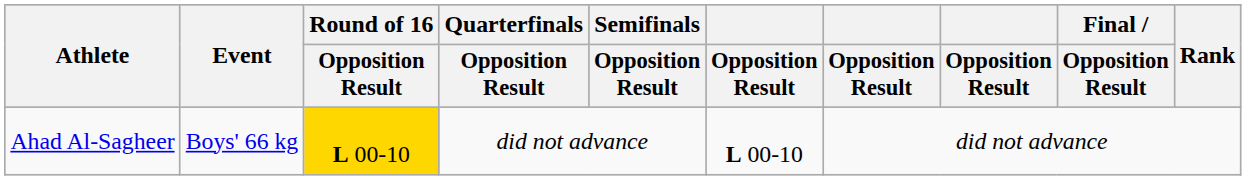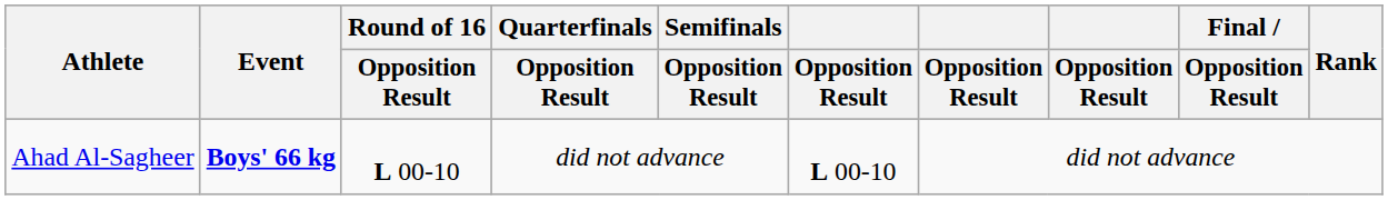 <table class="wikitable" style="font-size:90%">
 <tr>
 <th rowspan="2">Athlete</th>
 <th rowspan="2">Event</th>
 <th>Round of 16</th>
 <th>Quarterfinals</th>
 <th>Semifinals</th>
 <th></th>
 <th></th>
 <th></th>
 <th>Final / </th>
 <th rowspan=2>Rank</th>
 </tr>
 <tr style="font-size:95%">
 <th>Opposition<br>Result</th>
 <th>Opposition<br>Result</th>
 <th>Opposition<br>Result</th>
 <th>Opposition<br>Result</th>
 <th>Opposition<br>Result</th>
 <th>Opposition<br>Result</th>
 <th>Opposition<br>Result</th>
 </tr>
 <tr align=center>
 <td align=left><a href='#'>Ahad Al-Sagheer</a></td>
-<td align=left><a href='#'>Boys' 66 kg</a></td>
-<td style="background: gold;"><br> <strong>L</strong> 00-10</td>
+<td align=left><strong><a href='#'>Boys' 66 kg</a></strong></td>
+<td><br> <strong>L</strong> 00-10</td>
 <td Colspan=2><em>did not advance</em></td>
 <td><br> <strong>L</strong> 00-10</td>
 <td Colspan=4><em>did not advance</em></td>
 </tr>
 </table>
